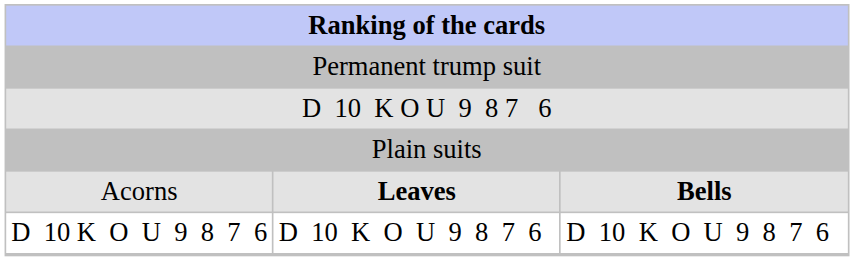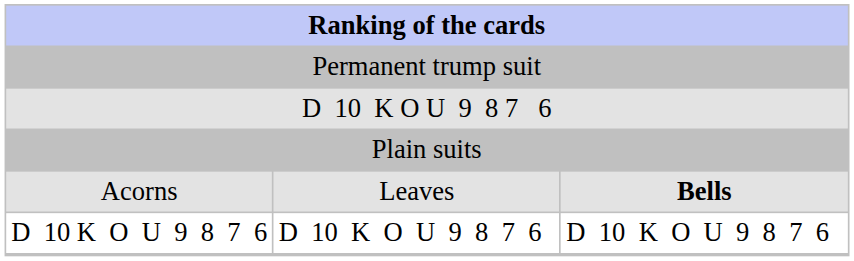 <table cellpadding="3" style="background: #c0c0c0; margin-left: 1em; border-spacing: 1px;">
 <tr align="center">
 <td style="background: #c0c8f8;" colspan="4" width="480"><strong>Ranking of the cards</strong></td>
 </tr>
 <tr align="center">
 <td colspan="4">Permanent trump suit</td>
 </tr>
 <tr align="center">
 <td colspan="4" style="background: #e3e3e3;">D  10  K O U  9  8 7   6</td>
 </tr>
 <tr align="center">
 <td colspan="4">Plain suits</td>
 </tr>
 <tr align="center">
 <td style="background: #e3e3e3;">Acorns</td>
-<td style="background: #e3e3e3;"><strong>Leaves</strong></td>
+<td style="background: #e3e3e3;">Leaves</td>
 <td style="background: #e3e3e3;"><strong>Bells</strong></td>
 </tr>
 <tr align="center">
 <td style="background: #ffffff;">D  10 K  O  U  9  8  7  6</td>
 <td style="background: #ffffff;">D  10  K  O  U  9  8  7  6  </td>
 <td style="background: #ffffff;">D  10  K  O  U  9  8  7  6  </td>
 </tr>
 <tr align="center">
 </tr>
 </table>
